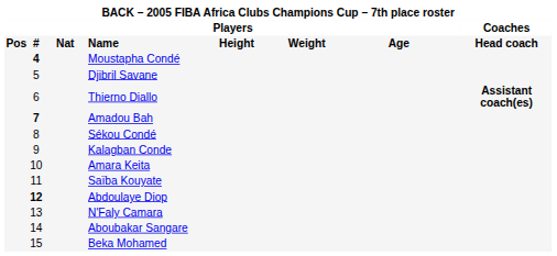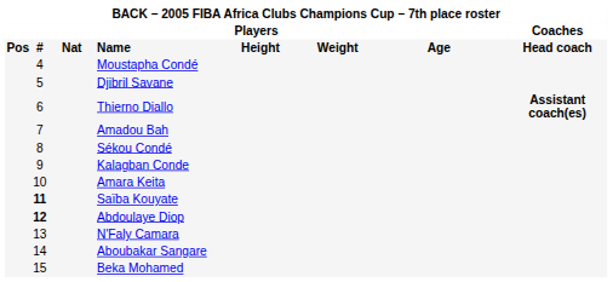 <table border=0 cellpadding=2 cellspacing=0  |- bgcolor=#f5f5f5 style="text-align:center; font-size:85%;" width=75%>
 <tr>
 <td colspan="8" style="background: white; color: black"><strong>BACK – 2005 FIBA Africa Clubs Champions Cup – 7th place roster</strong></td>
 </tr>
 <tr>
 <td colspan="7" style="background: white; color: black"><strong>Players</strong></td>
 <td style="background: white; color: black"><strong>Coaches</strong></td>
 </tr>
 <tr style="background=#f5f5f5; color: black">
 <th width=5px>Pos</th>
 <th width=5px>#</th>
 <th width=50px>Nat</th>
 <th width=135px align=left>Name</th>
 <th width=100px>Height</th>
 <th width=70px>Weight</th>
 <th width=160px>Age</th>
 <th width=110px>Head coach</th>
 </tr>
 <tr>
 <td></td>
-<td><strong>4</strong></td>
+<td>4</td>
 <td></td>
 <td align=left><a href='#'>Moustapha Condé</a></td>
 <td></td>
 <td></td>
 <td><span></span></td>
 <td></td>
 </tr>
 <tr>
 <td></td>
 <td>5</td>
 <td></td>
 <td align=left><a href='#'>Djibril Savane</a></td>
 <td></td>
 <td></td>
 <td><span></span></td>
 <td></td>
 </tr>
 <tr>
 <td></td>
 <td>6</td>
 <td></td>
 <td align=left><a href='#'>Thierno Diallo</a></td>
 <td></td>
 <td></td>
 <td><span></span></td>
 <td><strong>Assistant coach(es)</strong></td>
 </tr>
 <tr>
 <td></td>
-<td><strong>7</strong></td>
+<td>7</td>
 <td></td>
 <td align=left><a href='#'>Amadou Bah</a></td>
 <td></td>
 <td></td>
 <td><span></span></td>
 <td></td>
 </tr>
 <tr>
 <td></td>
 <td>8</td>
 <td></td>
 <td align=left><a href='#'>Sékou Condé</a></td>
 <td></td>
 <td></td>
 <td><span></span></td>
 <td></td>
 </tr>
 <tr>
 <td></td>
 <td>9</td>
 <td></td>
 <td align=left><a href='#'>Kalagban Conde</a></td>
 <td></td>
 <td></td>
 <td><span></span></td>
 <td></td>
 </tr>
 <tr>
 <td></td>
 <td>10</td>
 <td></td>
 <td align=left><a href='#'>Amara Keita</a></td>
 <td></td>
 <td></td>
 <td><span></span></td>
 <td></td>
 </tr>
 <tr>
 <td></td>
-<td>11</td>
+<td><strong>11</strong></td>
 <td></td>
 <td align=left><a href='#'>Saïba Kouyate</a></td>
 <td></td>
 <td></td>
 <td><span></span></td>
 <td></td>
 </tr>
 <tr>
 <td></td>
 <td><strong>12</strong></td>
 <td></td>
 <td align=left><a href='#'>Abdoulaye Diop</a></td>
 <td></td>
 <td></td>
 <td><span></span></td>
 <td></td>
 </tr>
 <tr>
 <td></td>
 <td>13</td>
 <td></td>
 <td align=left><a href='#'>N'Faly Camara</a></td>
 <td></td>
 <td></td>
 <td><span></span></td>
 <td></td>
 </tr>
 <tr>
 <td></td>
 <td>14</td>
 <td></td>
 <td align=left><a href='#'>Aboubakar Sangare</a></td>
 <td></td>
 <td></td>
 <td><span></span></td>
 <td></td>
 </tr>
 <tr>
 <td></td>
 <td>15</td>
 <td></td>
 <td align=left><a href='#'>Beka Mohamed</a></td>
 <td></td>
 <td></td>
 <td><span></span></td>
 <td></td>
 </tr>
 </table>
